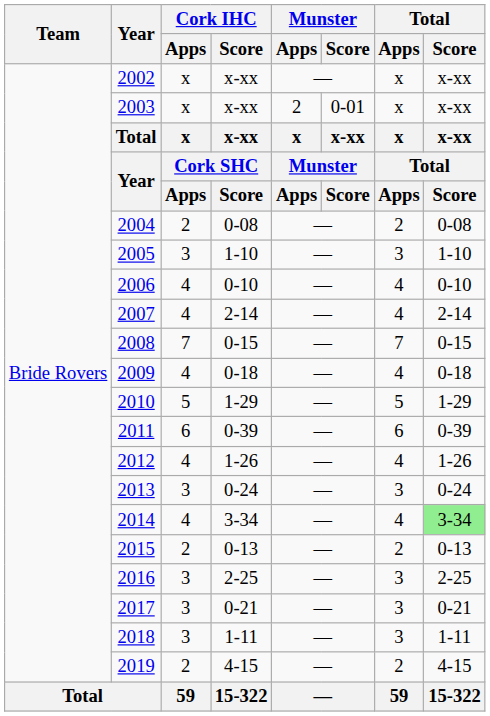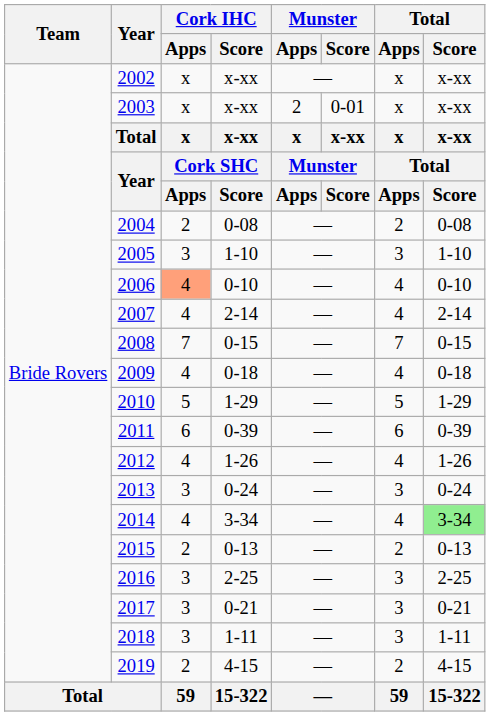 <table class="wikitable" style="text-align:center">
 <tr>
 <th rowspan="2">Team</th>
 <th rowspan="2">Year</th>
 <th colspan="2"><a href='#'>Cork IHC</a></th>
 <th colspan="2"><a href='#'>Munster</a></th>
 <th colspan="2">Total</th>
 </tr>
 <tr>
 <th>Apps</th>
 <th>Score</th>
 <th>Apps</th>
 <th>Score</th>
 <th>Apps</th>
 <th>Score</th>
 </tr>
 <tr>
 <td rowspan="21"><a href='#'>Bride Rovers</a></td>
 <td><a href='#'>2002</a></td>
 <td>x</td>
 <td>x-xx</td>
 <td colspan=2>—</td>
 <td>x</td>
 <td>x-xx</td>
 </tr>
 <tr>
 <td><a href='#'>2003</a></td>
 <td>x</td>
 <td>x-xx</td>
 <td>2</td>
 <td>0-01</td>
 <td>x</td>
 <td>x-xx</td>
 </tr>
 <tr>
 <th>Total</th>
 <th>x</th>
 <th>x-xx</th>
 <th>x</th>
 <th>x-xx</th>
 <th>x</th>
 <th>x-xx</th>
 </tr>
 <tr>
 <th rowspan=2>Year</th>
 <th colspan=2><a href='#'>Cork SHC</a></th>
 <th colspan=2><a href='#'>Munster</a></th>
 <th colspan=2>Total</th>
 </tr>
 <tr>
 <th>Apps</th>
 <th>Score</th>
 <th>Apps</th>
 <th>Score</th>
 <th>Apps</th>
 <th>Score</th>
 </tr>
 <tr>
 <td><a href='#'>2004</a></td>
 <td>2</td>
 <td>0-08</td>
 <td colspan=2>—</td>
 <td>2</td>
 <td>0-08</td>
 </tr>
 <tr>
 <td><a href='#'>2005</a></td>
 <td>3</td>
 <td>1-10</td>
 <td colspan=2>—</td>
 <td>3</td>
 <td>1-10</td>
 </tr>
 <tr>
 <td><a href='#'>2006</a></td>
-<td>4</td>
+<td style="background: lightsalmon;">4</td>
 <td>0-10</td>
 <td colspan=2>—</td>
 <td>4</td>
 <td>0-10</td>
 </tr>
 <tr>
 <td><a href='#'>2007</a></td>
 <td>4</td>
 <td>2-14</td>
 <td colspan=2>—</td>
 <td>4</td>
 <td>2-14</td>
 </tr>
 <tr>
 <td><a href='#'>2008</a></td>
 <td>7</td>
 <td>0-15</td>
 <td colspan=2>—</td>
 <td>7</td>
 <td>0-15</td>
 </tr>
 <tr>
 <td><a href='#'>2009</a></td>
 <td>4</td>
 <td>0-18</td>
 <td colspan=2>—</td>
 <td>4</td>
 <td>0-18</td>
 </tr>
 <tr>
 <td><a href='#'>2010</a></td>
 <td>5</td>
 <td>1-29</td>
 <td colspan=2>—</td>
 <td>5</td>
 <td>1-29</td>
 </tr>
 <tr>
 <td><a href='#'>2011</a></td>
 <td>6</td>
 <td>0-39</td>
 <td colspan=2>—</td>
 <td>6</td>
 <td>0-39</td>
 </tr>
 <tr>
 <td><a href='#'>2012</a></td>
 <td>4</td>
 <td>1-26</td>
 <td colspan=2>—</td>
 <td>4</td>
 <td>1-26</td>
 </tr>
 <tr>
 <td><a href='#'>2013</a></td>
 <td>3</td>
 <td>0-24</td>
 <td colspan=2>—</td>
 <td>3</td>
 <td>0-24</td>
 </tr>
 <tr>
 <td><a href='#'>2014</a></td>
 <td>4</td>
 <td>3-34</td>
 <td colspan=2>—</td>
 <td>4</td>
 <td style="background: lightgreen;">3-34</td>
 </tr>
 <tr>
 <td><a href='#'>2015</a></td>
 <td>2</td>
 <td>0-13</td>
 <td colspan=2>—</td>
 <td>2</td>
 <td>0-13</td>
 </tr>
 <tr>
 <td><a href='#'>2016</a></td>
 <td>3</td>
 <td>2-25</td>
 <td colspan=2>—</td>
 <td>3</td>
 <td>2-25</td>
 </tr>
 <tr>
 <td><a href='#'>2017</a></td>
 <td>3</td>
 <td>0-21</td>
 <td colspan=2>—</td>
 <td>3</td>
 <td>0-21</td>
 </tr>
 <tr>
 <td><a href='#'>2018</a></td>
 <td>3</td>
 <td>1-11</td>
 <td colspan=2>—</td>
 <td>3</td>
 <td>1-11</td>
 </tr>
 <tr>
 <td><a href='#'>2019</a></td>
 <td>2</td>
 <td>4-15</td>
 <td colspan=2>—</td>
 <td>2</td>
 <td>4-15</td>
 </tr>
 <tr>
 <th colspan="2">Total</th>
 <th>59</th>
 <th>15-322</th>
 <th colspan=2>—</th>
 <th>59</th>
 <th>15-322</th>
 </tr>
 </table>
